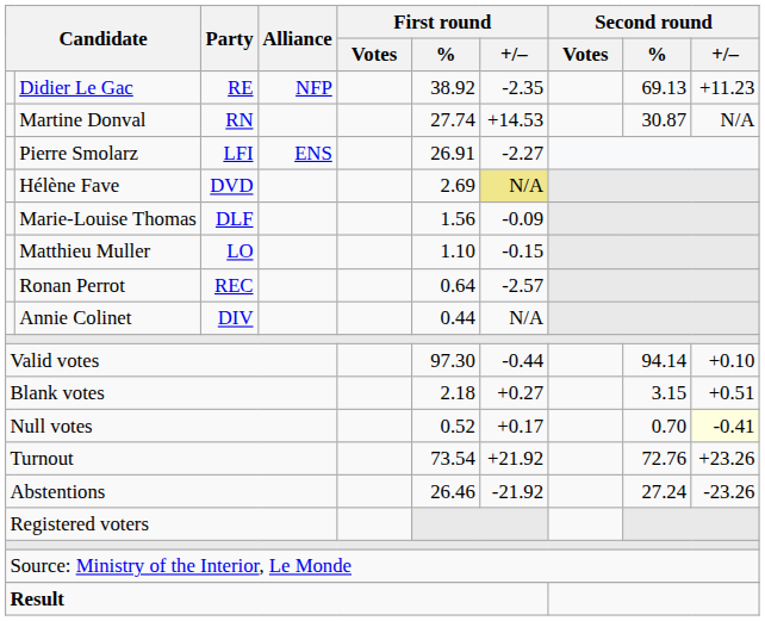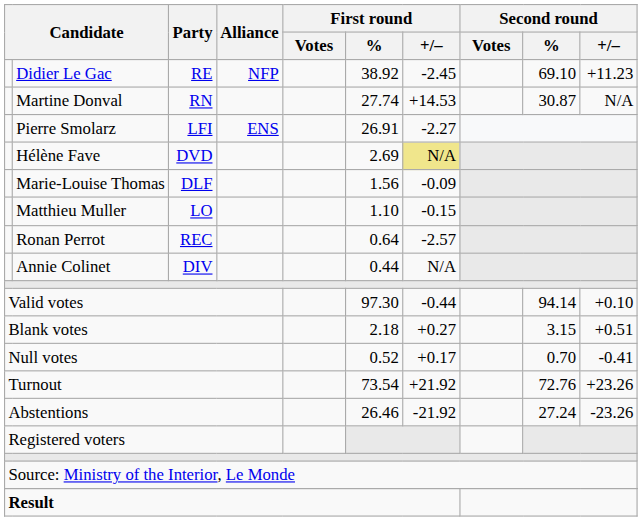 <table class="wikitable" style="text-align:right;font-size:95%;">
 <tr>
 <th rowspan="2" colspan="2">Candidate</th>
 <th rowspan="2">Party</th>
 <th rowspan="2">Alliance</th>
 <th colspan="3">First round</th>
 <th colspan="3">Second round</th>
 </tr>
 <tr>
 <th style="width:50px;">Votes</th>
 <th style="width:45px;">%</th>
 <th style="width:45px;">+/–</th>
 <th style="width:50px;">Votes</th>
 <th style="width:45px;">%</th>
 <th style="width:45px;">+/–</th>
 </tr>
 <tr>
 <td style="color:inherit;background:"></td>
 <td style="text-align:left;"><a href='#'>Didier Le Gac</a></td>
 <td><a href='#'>RE</a></td>
 <td><a href='#'>NFP</a></td>
 <td></td>
 <td>38.92</td>
-<td>-2.35</td>
+<td>-2.45</td>
 <td></td>
-<td>69.13</td>
+<td>69.10</td>
 <td>+11.23</td>
 </tr>
 <tr>
 <td style="color:inherit;background:"></td>
 <td style="text-align:left;">Martine Donval</td>
 <td><a href='#'>RN</a></td>
 <td></td>
 <td></td>
 <td>27.74</td>
 <td>+14.53</td>
 <td></td>
 <td>30.87</td>
 <td>N/A</td>
 </tr>
 <tr>
 <td style="color:inherit;background:"></td>
 <td style="text-align:left;">Pierre Smolarz</td>
 <td><a href='#'>LFI</a></td>
 <td><a href='#'>ENS</a></td>
 <td></td>
 <td>26.91</td>
 <td>-2.27</td>
 <td colspan="3" style="background:#F8F9FA;"></td>
 </tr>
 <tr>
 <td style="color:inherit;background:"></td>
 <td style="text-align:left;">Hélène Fave</td>
 <td><a href='#'>DVD</a></td>
 <td></td>
 <td></td>
 <td>2.69</td>
 <td style="background: khaki;">N/A</td>
 <td colspan="3" style="background:#E9E9E9;"></td>
 </tr>
 <tr>
 <td style="color:inherit;background:"></td>
 <td style="text-align:left;">Marie-Louise Thomas</td>
 <td><a href='#'>DLF</a></td>
 <td></td>
 <td></td>
 <td>1.56</td>
 <td>-0.09</td>
 <td colspan="3" style="background:#E9E9E9;"></td>
 </tr>
 <tr>
 <td style="color:inherit;background:"></td>
 <td style="text-align:left;">Matthieu Muller</td>
 <td><a href='#'>LO</a></td>
 <td></td>
 <td></td>
 <td>1.10</td>
 <td>-0.15</td>
 <td colspan="3" style="background:#E9E9E9;"></td>
 </tr>
 <tr>
 <td style="color:inherit;background:"></td>
 <td style="text-align:left;">Ronan Perrot</td>
 <td><a href='#'>REC</a></td>
 <td></td>
 <td></td>
 <td>0.64</td>
 <td>-2.57</td>
 <td colspan="3" style="background:#E9E9E9;"></td>
 </tr>
 <tr>
 <td style="color:inherit;background:"></td>
 <td style="text-align:left;">Annie Colinet</td>
 <td><a href='#'>DIV</a></td>
 <td></td>
 <td></td>
 <td>0.44</td>
 <td>N/A</td>
 <td colspan="3" style="background:#E9E9E9;"></td>
 </tr>
 <tr>
 <td colspan="10" style="background:#E9E9E9;"></td>
 </tr>
 <tr>
 <td colspan="4" style="text-align:left;">Valid votes</td>
 <td></td>
 <td>97.30</td>
 <td>-0.44</td>
 <td></td>
 <td>94.14</td>
 <td>+0.10</td>
 </tr>
 <tr>
 <td colspan="4" style="text-align:left;">Blank votes</td>
 <td></td>
 <td>2.18</td>
 <td>+0.27</td>
 <td></td>
 <td>3.15</td>
 <td>+0.51</td>
 </tr>
 <tr>
 <td colspan="4" style="text-align:left;">Null votes</td>
 <td></td>
 <td>0.52</td>
 <td>+0.17</td>
 <td></td>
 <td>0.70</td>
-<td style="background: lightyellow;">-0.41</td>
+<td>-0.41</td>
 </tr>
 <tr>
 <td colspan="4" style="text-align:left;">Turnout</td>
 <td></td>
 <td>73.54</td>
 <td>+21.92</td>
 <td></td>
 <td>72.76</td>
 <td>+23.26</td>
 </tr>
 <tr>
 <td colspan="4" style="text-align:left;">Abstentions</td>
 <td></td>
 <td>26.46</td>
 <td>-21.92</td>
 <td></td>
 <td>27.24</td>
 <td>-23.26</td>
 </tr>
 <tr>
 <td colspan="4" style="text-align:left;">Registered voters</td>
 <td></td>
 <td colspan="2" style="background:#E9E9E9;"></td>
 <td></td>
 <td colspan="2" style="background:#E9E9E9;"></td>
 </tr>
 <tr>
 <td colspan="10" style="background:#E9E9E9;"></td>
 </tr>
 <tr>
 <td colspan="10" style="text-align:left;">Source: <a href='#'>Ministry of the Interior</a>, <a href='#'>Le Monde</a></td>
 </tr>
 <tr>
 </tr>
 <tr style="font-weight:bold">
 <td colspan="7" style="text-align:left;">Result</td>
 <td colspan="7" style="background-color:"></td>
 </tr>
 </table>
